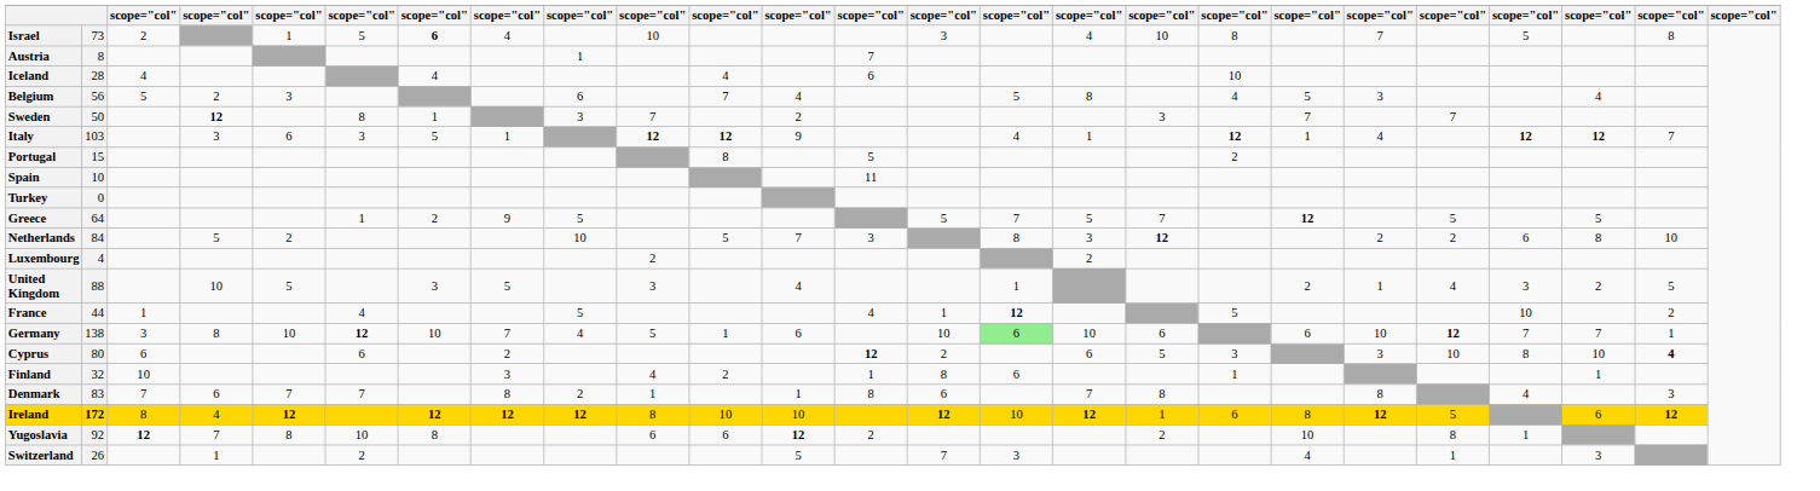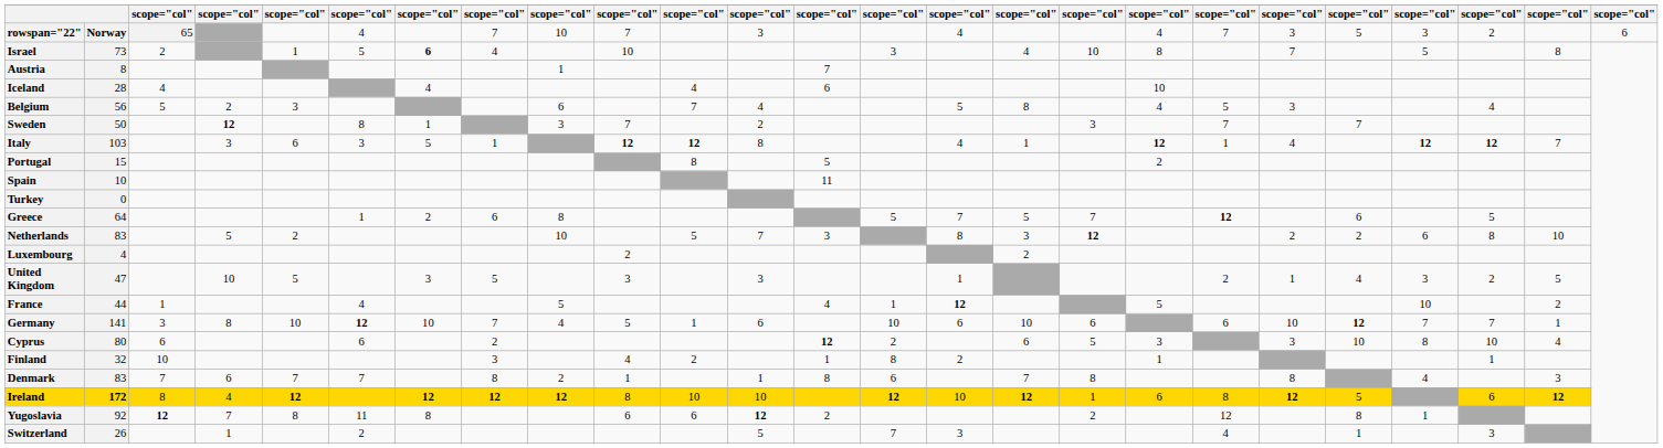 <table class="wikitable plainrowheaders" style="text-align:center;">
 <tr>
 </tr>
 <tr>
 <th colspan="2"></th>
 <th>scope="col" </th>
 <th>scope="col" </th>
 <th>scope="col" </th>
 <th>scope="col" </th>
 <th>scope="col" </th>
 <th>scope="col" </th>
 <th>scope="col" </th>
 <th>scope="col" </th>
 <th>scope="col" </th>
 <th>scope="col" </th>
 <th>scope="col" </th>
 <th>scope="col" </th>
 <th>scope="col" </th>
 <th>scope="col" </th>
 <th>scope="col" </th>
 <th>scope="col" </th>
 <th>scope="col" </th>
 <th>scope="col" </th>
 <th>scope="col" </th>
 <th>scope="col" </th>
 <th>scope="col" </th>
 <th>scope="col" </th>
 <th>scope="col" </th>
+</tr>
+<tr>
+<th>rowspan="22" </th>
+<th scope="row" style="text-align:left; background:#f2f2f2;">Norway</th>
+<td style="text-align:right; background:#f2f2f2;">65</td>
+<td style="text-align:left; background:#aaa;"></td>
+<td></td>
+<td>4</td>
+<td></td>
+<td>7</td>
+<td>10</td>
+<td>7</td>
+<td></td>
+<td>3</td>
+<td></td>
+<td></td>
+<td>4</td>
+<td></td>
+<td></td>
+<td>4</td>
+<td>7</td>
+<td>3</td>
+<td>5</td>
+<td>3</td>
+<td>2</td>
+<td></td>
+<td>6</td>
 </tr>
 <tr>
 <th scope="row" style="text-align:left; background:#f2f2f2;">Israel</th>
 <td style="text-align:right; background:#f2f2f2;">73</td>
 <td>2</td>
 <td style="text-align:left; background:#aaa;"></td>
 <td>1</td>
 <td>5</td>
 <td><strong>6</strong></td>
 <td>4</td>
 <td></td>
 <td>10</td>
 <td></td>
 <td></td>
 <td></td>
 <td>3</td>
 <td></td>
 <td>4</td>
 <td>10</td>
 <td>8</td>
 <td></td>
 <td>7</td>
 <td></td>
 <td>5</td>
 <td></td>
 <td>8</td>
 </tr>
 <tr>
 <th scope="row" style="text-align:left; background:#f2f2f2;">Austria</th>
 <td style="text-align:right; background:#f2f2f2;">8</td>
 <td></td>
 <td></td>
 <td style="text-align:left; background:#aaa;"></td>
 <td></td>
 <td></td>
 <td></td>
 <td>1</td>
 <td></td>
 <td></td>
 <td></td>
 <td>7</td>
 <td></td>
 <td></td>
 <td></td>
 <td></td>
 <td></td>
 <td></td>
 <td></td>
 <td></td>
 <td></td>
 <td></td>
 <td></td>
 </tr>
 <tr>
 <th scope="row" style="text-align:left; background:#f2f2f2;">Iceland</th>
 <td style="text-align:right; background:#f2f2f2;">28</td>
 <td>4</td>
 <td></td>
 <td></td>
 <td style="text-align:left; background:#aaa;"></td>
 <td>4</td>
 <td></td>
 <td></td>
 <td></td>
 <td>4</td>
 <td></td>
 <td>6</td>
 <td></td>
 <td></td>
 <td></td>
 <td></td>
 <td>10</td>
 <td></td>
 <td></td>
 <td></td>
 <td></td>
 <td></td>
 <td></td>
 </tr>
 <tr>
 <th scope="row" style="text-align:left; background:#f2f2f2;">Belgium</th>
 <td style="text-align:right; background:#f2f2f2;">56</td>
 <td>5</td>
 <td>2</td>
 <td>3</td>
 <td></td>
 <td style="text-align:left; background:#aaa;"></td>
 <td></td>
 <td>6</td>
 <td></td>
 <td>7</td>
 <td>4</td>
 <td></td>
 <td></td>
 <td>5</td>
 <td>8</td>
 <td></td>
 <td>4</td>
 <td>5</td>
 <td>3</td>
 <td></td>
 <td></td>
 <td>4</td>
 <td></td>
 </tr>
 <tr>
 <th scope="row" style="text-align:left; background:#f2f2f2;">Sweden</th>
 <td style="text-align:right; background:#f2f2f2;">50</td>
 <td></td>
 <td><strong>12</strong></td>
 <td></td>
 <td>8</td>
 <td>1</td>
 <td style="text-align:left; background:#aaa;"></td>
 <td>3</td>
 <td>7</td>
 <td></td>
 <td>2</td>
 <td></td>
 <td></td>
 <td></td>
 <td></td>
 <td>3</td>
 <td></td>
 <td>7</td>
 <td></td>
 <td>7</td>
 <td></td>
 <td></td>
 <td></td>
 </tr>
 <tr>
 <th scope="row" style="text-align:left; background:#f2f2f2;">Italy</th>
 <td style="text-align:right; background:#f2f2f2;">103</td>
 <td></td>
 <td>3</td>
 <td>6</td>
 <td>3</td>
 <td>5</td>
 <td>1</td>
 <td style="text-align:left; background:#aaa;"></td>
 <td><strong>12</strong></td>
 <td><strong>12</strong></td>
-<td>9</td>
+<td>8</td>
 <td></td>
 <td></td>
 <td>4</td>
 <td>1</td>
 <td></td>
 <td><strong>12</strong></td>
 <td>1</td>
 <td>4</td>
 <td></td>
 <td><strong>12</strong></td>
 <td><strong>12</strong></td>
 <td>7</td>
 </tr>
 <tr>
 <th scope="row" style="text-align:left; background:#f2f2f2;">Portugal</th>
 <td style="text-align:right; background:#f2f2f2;">15</td>
 <td></td>
 <td></td>
 <td></td>
 <td></td>
 <td></td>
 <td></td>
 <td></td>
 <td style="text-align:left; background:#aaa;"></td>
 <td>8</td>
 <td></td>
 <td>5</td>
 <td></td>
 <td></td>
 <td></td>
 <td></td>
 <td>2</td>
 <td></td>
 <td></td>
 <td></td>
 <td></td>
 <td></td>
 <td></td>
 </tr>
 <tr>
 <th scope="row" style="text-align:left; background:#f2f2f2;">Spain</th>
 <td style="text-align:right; background:#f2f2f2;">10</td>
 <td></td>
 <td></td>
 <td></td>
 <td></td>
 <td></td>
 <td></td>
 <td></td>
 <td></td>
 <td style="text-align:left; background:#aaa;"></td>
 <td></td>
 <td>11</td>
 <td></td>
 <td></td>
 <td></td>
 <td></td>
 <td></td>
 <td></td>
 <td></td>
 <td></td>
 <td></td>
 <td></td>
 <td></td>
 </tr>
 <tr>
 <th scope="row" style="text-align:left; background:#f2f2f2;">Turkey</th>
 <td style="text-align:right; background:#f2f2f2;">0</td>
 <td></td>
 <td></td>
 <td></td>
 <td></td>
 <td></td>
 <td></td>
 <td></td>
 <td></td>
 <td></td>
 <td style="text-align:left; background:#aaa;"></td>
 <td></td>
 <td></td>
 <td></td>
 <td></td>
 <td></td>
 <td></td>
 <td></td>
 <td></td>
 <td></td>
 <td></td>
 <td></td>
 <td></td>
 </tr>
 <tr>
 <th scope="row" style="text-align:left; background:#f2f2f2;">Greece</th>
 <td style="text-align:right; background:#f2f2f2;">64</td>
 <td></td>
 <td></td>
 <td></td>
 <td>1</td>
 <td>2</td>
-<td>9</td>
-<td>5</td>
+<td>6</td>
+<td>8</td>
 <td></td>
 <td></td>
 <td></td>
 <td style="text-align:left; background:#aaa;"></td>
 <td>5</td>
 <td>7</td>
 <td>5</td>
 <td>7</td>
 <td></td>
 <td><strong>12</strong></td>
 <td></td>
-<td>5</td>
+<td>6</td>
 <td></td>
 <td>5</td>
 <td></td>
 </tr>
 <tr>
 <th scope="row" style="text-align:left; background:#f2f2f2;">Netherlands</th>
-<td style="text-align:right; background:#f2f2f2;">84</td>
+<td style="text-align:right; background:#f2f2f2;">83</td>
 <td></td>
 <td>5</td>
 <td>2</td>
 <td></td>
 <td></td>
 <td></td>
 <td>10</td>
 <td></td>
 <td>5</td>
 <td>7</td>
 <td>3</td>
 <td style="text-align:left; background:#aaa;"></td>
 <td>8</td>
 <td>3</td>
 <td><strong>12</strong></td>
 <td></td>
 <td></td>
 <td>2</td>
 <td>2</td>
 <td>6</td>
 <td>8</td>
 <td>10</td>
 </tr>
 <tr>
 <th scope="row" style="text-align:left; background:#f2f2f2;">Luxembourg</th>
 <td style="text-align:right; background:#f2f2f2;">4</td>
 <td></td>
 <td></td>
 <td></td>
 <td></td>
 <td></td>
 <td></td>
 <td></td>
 <td>2</td>
 <td></td>
 <td></td>
 <td></td>
 <td></td>
 <td style="text-align:left; background:#aaa;"></td>
 <td>2</td>
 <td></td>
 <td></td>
 <td></td>
 <td></td>
 <td></td>
 <td></td>
 <td></td>
 <td></td>
 </tr>
 <tr>
 <th scope="row" style="text-align:left; background:#f2f2f2;">United Kingdom</th>
-<td style="text-align:right; background:#f2f2f2;">88</td>
+<td style="text-align:right; background:#f2f2f2;">47</td>
 <td></td>
 <td>10</td>
 <td>5</td>
 <td></td>
 <td>3</td>
 <td>5</td>
 <td></td>
 <td>3</td>
 <td></td>
-<td>4</td>
+<td>3</td>
 <td></td>
 <td></td>
 <td>1</td>
 <td style="text-align:left; background:#aaa;"></td>
 <td></td>
 <td></td>
 <td>2</td>
 <td>1</td>
 <td>4</td>
 <td>3</td>
 <td>2</td>
 <td>5</td>
 </tr>
 <tr>
 <th scope="row" style="text-align:left; background:#f2f2f2;">France</th>
 <td style="text-align:right; background:#f2f2f2;">44</td>
 <td>1</td>
 <td></td>
 <td></td>
 <td>4</td>
 <td></td>
 <td></td>
 <td>5</td>
 <td></td>
 <td></td>
 <td></td>
 <td>4</td>
 <td>1</td>
 <td><strong>12</strong></td>
 <td></td>
 <td style="text-align:left; background:#aaa;"></td>
 <td>5</td>
 <td></td>
 <td></td>
 <td></td>
 <td>10</td>
 <td></td>
 <td>2</td>
 </tr>
 <tr>
 <th scope="row" style="text-align:left; background:#f2f2f2;">Germany</th>
-<td style="text-align:right; background:#f2f2f2;">138</td>
+<td style="text-align:right; background:#f2f2f2;">141</td>
 <td>3</td>
 <td>8</td>
 <td>10</td>
 <td><strong>12</strong></td>
 <td>10</td>
 <td>7</td>
 <td>4</td>
 <td>5</td>
 <td>1</td>
 <td>6</td>
 <td></td>
 <td>10</td>
-<td style="background: lightgreen;">6</td>
+<td>6</td>
 <td>10</td>
 <td>6</td>
 <td style="text-align:left; background:#aaa;"></td>
 <td>6</td>
 <td>10</td>
 <td><strong>12</strong></td>
 <td>7</td>
 <td>7</td>
 <td>1</td>
 </tr>
 <tr>
 <th scope="row" style="text-align:left; background:#f2f2f2;">Cyprus</th>
 <td style="text-align:right; background:#f2f2f2;">80</td>
 <td>6</td>
 <td></td>
 <td></td>
 <td>6</td>
 <td></td>
 <td>2</td>
 <td></td>
 <td></td>
 <td></td>
 <td></td>
 <td><strong>12</strong></td>
 <td>2</td>
 <td></td>
 <td>6</td>
 <td>5</td>
 <td>3</td>
 <td style="text-align:left; background:#aaa;"></td>
 <td>3</td>
 <td>10</td>
 <td>8</td>
 <td>10</td>
-<td><strong>4</strong></td>
+<td>4</td>
 </tr>
 <tr>
 <th scope="row" style="text-align:left; background:#f2f2f2;">Finland</th>
 <td style="text-align:right; background:#f2f2f2;">32</td>
 <td>10</td>
 <td></td>
 <td></td>
 <td></td>
 <td></td>
 <td>3</td>
 <td></td>
 <td>4</td>
 <td>2</td>
 <td></td>
 <td>1</td>
 <td>8</td>
-<td>6</td>
+<td>2</td>
 <td></td>
 <td></td>
 <td>1</td>
 <td></td>
 <td style="text-align:left; background:#aaa;"></td>
 <td></td>
 <td></td>
 <td>1</td>
 <td></td>
 </tr>
 <tr>
 <th scope="row" style="text-align:left; background:#f2f2f2;">Denmark</th>
 <td style="text-align:right; background:#f2f2f2;">83</td>
 <td>7</td>
 <td>6</td>
 <td>7</td>
 <td>7</td>
 <td></td>
 <td>8</td>
 <td>2</td>
 <td>1</td>
 <td></td>
 <td>1</td>
 <td>8</td>
 <td>6</td>
 <td></td>
 <td>7</td>
 <td>8</td>
 <td></td>
 <td></td>
 <td>8</td>
 <td style="text-align:left; background:#aaa;"></td>
 <td>4</td>
 <td></td>
 <td>3</td>
 </tr>
 <tr style="background:gold;">
 <th scope="row" style="text-align:left; font-weight:bold; background:gold;">Ireland</th>
 <td style="text-align:right; font-weight:bold;">172</td>
 <td>8</td>
 <td>4</td>
 <td><strong>12</strong></td>
 <td></td>
 <td><strong>12</strong></td>
 <td><strong>12</strong></td>
 <td><strong>12</strong></td>
 <td>8</td>
 <td>10</td>
 <td>10</td>
 <td></td>
 <td><strong>12</strong></td>
 <td>10</td>
 <td><strong>12</strong></td>
 <td>1</td>
 <td>6</td>
 <td>8</td>
 <td><strong>12</strong></td>
 <td>5</td>
 <td style="text-align:left; background:#aaa;"></td>
 <td>6</td>
 <td><strong>12</strong></td>
 </tr>
 <tr>
 <th scope="row" style="text-align:left; background:#f2f2f2;">Yugoslavia</th>
 <td style="text-align:right; background:#f2f2f2;">92</td>
 <td><strong>12</strong></td>
 <td>7</td>
 <td>8</td>
-<td>10</td>
+<td>11</td>
 <td>8</td>
 <td></td>
 <td></td>
 <td>6</td>
 <td>6</td>
 <td><strong>12</strong></td>
 <td>2</td>
 <td></td>
 <td></td>
 <td></td>
 <td>2</td>
 <td></td>
-<td>10</td>
+<td>12</td>
 <td></td>
 <td>8</td>
 <td>1</td>
 <td style="text-align:left; background:#aaa;"></td>
 <td></td>
 </tr>
 <tr>
 <th scope="row" style="text-align:left; background:#f2f2f2;">Switzerland</th>
 <td style="text-align:right; background:#f2f2f2;">26</td>
 <td></td>
 <td>1</td>
 <td></td>
 <td>2</td>
 <td></td>
 <td></td>
 <td></td>
 <td></td>
 <td></td>
 <td>5</td>
 <td></td>
 <td>7</td>
 <td>3</td>
 <td></td>
 <td></td>
 <td></td>
 <td>4</td>
 <td></td>
 <td>1</td>
 <td></td>
 <td>3</td>
 <td style="text-align:left; background:#aaa;"></td>
 </tr>
 </table>
